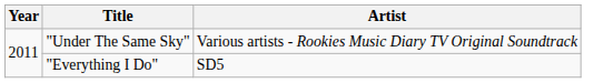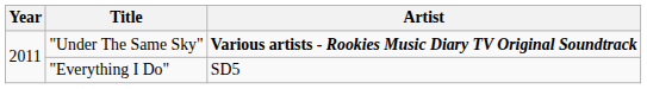 <table class="wikitable sortable">
 <tr>
 <th>Year</th>
 <th>Title</th>
 <th>Artist</th>
 </tr>
 <tr>
 <td rowspan=2>2011</td>
 <td>"Under The Same Sky"</td>
-<td>Various artists - <em>Rookies Music Diary TV Original Soundtrack</em></td>
+<td><strong>Various artists - <em>Rookies Music Diary TV Original Soundtrack</em></strong></td>
 </tr>
 <tr>
 <td>"Everything I Do"</td>
 <td>SD5</td>
 </tr>
 </table>
